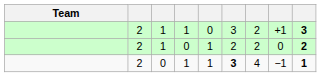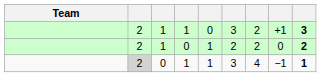 <table class="wikitable" style="text-align: center; font-size:90% ">
 <tr>
 <th width=160>Team</th>
 <th width=25></th>
 <th width=25></th>
 <th width=25></th>
 <th width=25></th>
 <th width=25></th>
 <th width=25></th>
 <th width=25></th>
 <th width=25></th>
 </tr>
 <tr bgcolor="ccffcc">
 <td align=left></td>
 <td>2</td>
 <td>1</td>
 <td>1</td>
 <td>0</td>
 <td>3</td>
 <td>2</td>
 <td>+1</td>
 <td><strong>3</strong></td>
 </tr>
 <tr bgcolor="ccffcc">
 <td align=left></td>
 <td>2</td>
 <td>1</td>
 <td>0</td>
 <td>1</td>
 <td>2</td>
 <td>2</td>
 <td>0</td>
 <td><strong>2</strong></td>
 </tr>
 <tr>
 <td align=left></td>
-<td>2</td>
+<td style="background: lightgrey;">2</td>
 <td>0</td>
 <td>1</td>
 <td>1</td>
-<td><strong>3</strong></td>
+<td>3</td>
 <td>4</td>
 <td>−1</td>
 <td><strong>1</strong></td>
 </tr>
 </table>
